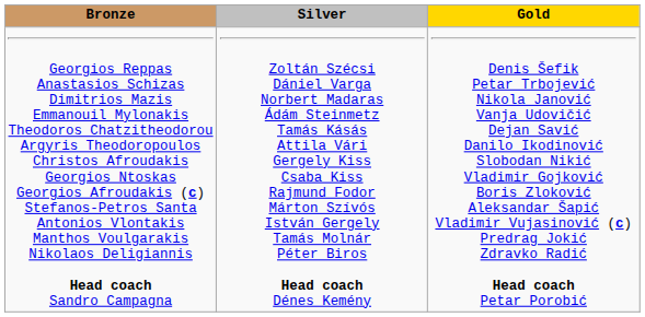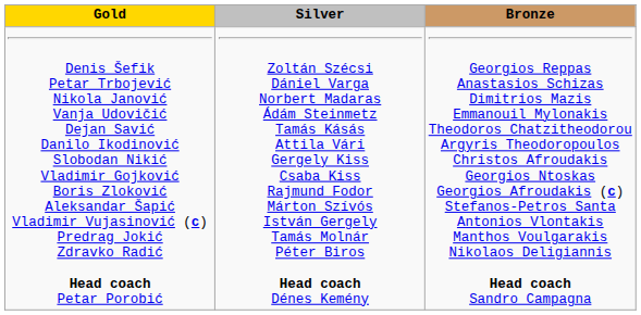 <table class="wikitable" style="font-size:95%;">
 <tr>
+<th style="text-align:center; width:15em; background-color:gold;">Gold</th>
+<th style="text-align:center; width:15em; background-color:silver;">Silver</th>
 <th style="text-align:center; width:15em; background-color:#CC9966;">Bronze</th>
-<th style="text-align:center; width:15em; background-color:silver;">Silver</th>
-<th style="text-align:center; width:15em; background-color:gold;">Gold</th>
 </tr>
 <tr>
+<td style="text-align:center; vertical-align:top;"><strong></strong> <hr><br><a href='#'>Denis Šefik</a> <br> <a href='#'>Petar Trbojević</a><br> <a href='#'>Nikola Janović</a><br> <a href='#'>Vanja Udovičić</a><br> <a href='#'>Dejan Savić</a><br> <a href='#'>Danilo Ikodinović</a><br> <a href='#'>Slobodan Nikić</a><br> <a href='#'>Vladimir Gojković</a><br> <a href='#'>Boris Zloković</a><br> <a href='#'>Aleksandar Šapić</a><br> <a href='#'>Vladimir Vujasinović</a> (<a href='#'><strong>c</strong></a>)<br> <a href='#'>Predrag Jokić</a><br> <a href='#'>Zdravko Radić</a> <br><br><strong>Head coach</strong><br><a href='#'>Petar Porobić</a></td>
+<td style="text-align:center; vertical-align:top;"><strong></strong><hr><br><a href='#'>Zoltán Szécsi</a><br><a href='#'>Dániel Varga</a><br><a href='#'>Norbert Madaras</a><br><a href='#'>Ádám Steinmetz</a><br> <a href='#'>Tamás Kásás</a><br> <a href='#'>Attila Vári</a><br> <a href='#'>Gergely Kiss</a><br> <a href='#'>Csaba Kiss</a><br> <a href='#'>Rajmund Fodor</a><br> <a href='#'>Márton Szívós</a><br> <a href='#'>István Gergely</a><br> <a href='#'>Tamás Molnár</a><br> <a href='#'>Péter Biros</a><br><br><strong>Head coach</strong><br><a href='#'>Dénes Kemény</a></td>
 <td style="text-align:center; vertical-align:top;"><strong></strong><hr><br><a href='#'>Georgios Reppas</a><br> <a href='#'>Anastasios Schizas</a><br> <a href='#'>Dimitrios Mazis</a><br> <a href='#'>Emmanouil Mylonakis</a><br> <a href='#'>Theodoros Chatzitheodorou</a><br> <a href='#'>Argyris Theodoropoulos</a><br> <a href='#'>Christos Afroudakis</a><br> <a href='#'>Georgios Ntoskas</a><br> <a href='#'>Georgios Afroudakis</a> (<a href='#'><strong>c</strong></a>)<br> <a href='#'>Stefanos-Petros Santa</a><br> <a href='#'>Antonios Vlontakis</a><br> <a href='#'>Manthos Voulgarakis</a><br> <a href='#'>Nikolaos Deligiannis</a><br><br><strong>Head coach</strong><br><a href='#'>Sandro Campagna</a></td>
-<td style="text-align:center; vertical-align:top;"><strong></strong><hr><br><a href='#'>Zoltán Szécsi</a><br><a href='#'>Dániel Varga</a><br><a href='#'>Norbert Madaras</a><br><a href='#'>Ádám Steinmetz</a><br> <a href='#'>Tamás Kásás</a><br> <a href='#'>Attila Vári</a><br> <a href='#'>Gergely Kiss</a><br> <a href='#'>Csaba Kiss</a><br> <a href='#'>Rajmund Fodor</a><br> <a href='#'>Márton Szívós</a><br> <a href='#'>István Gergely</a><br> <a href='#'>Tamás Molnár</a><br> <a href='#'>Péter Biros</a><br><br><strong>Head coach</strong><br><a href='#'>Dénes Kemény</a></td>
-<td style="text-align:center; vertical-align:top;"><strong></strong> <hr><br><a href='#'>Denis Šefik</a> <br> <a href='#'>Petar Trbojević</a><br> <a href='#'>Nikola Janović</a><br> <a href='#'>Vanja Udovičić</a><br> <a href='#'>Dejan Savić</a><br> <a href='#'>Danilo Ikodinović</a><br> <a href='#'>Slobodan Nikić</a><br> <a href='#'>Vladimir Gojković</a><br> <a href='#'>Boris Zloković</a><br> <a href='#'>Aleksandar Šapić</a><br> <a href='#'>Vladimir Vujasinović</a> (<a href='#'><strong>c</strong></a>)<br> <a href='#'>Predrag Jokić</a><br> <a href='#'>Zdravko Radić</a> <br><br><strong>Head coach</strong><br><a href='#'>Petar Porobić</a></td>
 </tr>
 </table>
